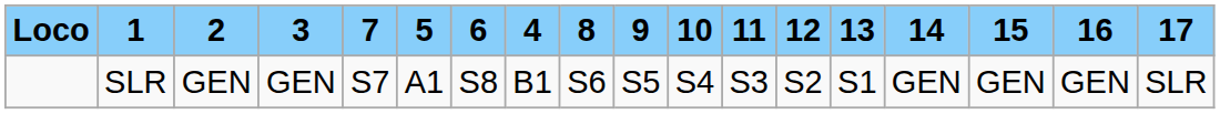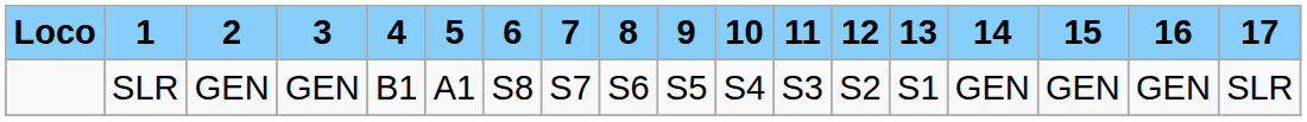 <table class="wikitable plainrowheaders unsortable" style="text-align:center">
 <tr>
 <th scope="col" rowspan="1" style="background:lightskyblue;">Loco</th>
 <th scope="col" rowspan="1" style="background:lightskyblue;">1</th>
 <th scope="col" rowspan="1" style="background:lightskyblue;">2</th>
 <th scope="col" rowspan="1" style="background:lightskyblue;">3</th>
-<th scope="col" rowspan="1" style="background:lightskyblue;">7</th>
+<th scope="col" rowspan="1" style="background:lightskyblue;">4</th>
 <th scope="col" rowspan="1" style="background:lightskyblue;">5</th>
 <th scope="col" rowspan="1" style="background:lightskyblue;">6</th>
-<th scope="col" rowspan="1" style="background:lightskyblue;">4</th>
+<th scope="col" rowspan="1" style="background:lightskyblue;">7</th>
 <th scope="col" rowspan="1" style="background:lightskyblue;">8</th>
 <th scope="col" rowspan="1" style="background:lightskyblue;">9</th>
 <th scope="col" rowspan="1" style="background:lightskyblue;">10</th>
 <th scope="col" rowspan="1" style="background:lightskyblue;">11</th>
 <th scope="col" rowspan="1" style="background:lightskyblue;">12</th>
 <th scope="col" rowspan="1" style="background:lightskyblue;">13</th>
 <th scope="col" rowspan="1" style="background:lightskyblue;">14</th>
 <th scope="col" rowspan="1" style="background:lightskyblue;">15</th>
 <th scope="col" rowspan="1" style="background:lightskyblue;">16</th>
 <th scope="col" rowspan="1" style="background:lightskyblue;">17</th>
 </tr>
 <tr>
 <td></td>
 <td>SLR</td>
 <td>GEN</td>
 <td>GEN</td>
-<td>S7</td>
+<td>B1</td>
 <td>A1</td>
 <td>S8</td>
-<td>B1</td>
+<td>S7</td>
 <td>S6</td>
 <td>S5</td>
 <td>S4</td>
 <td>S3</td>
 <td>S2</td>
 <td>S1</td>
 <td>GEN</td>
 <td>GEN</td>
 <td>GEN</td>
 <td>SLR</td>
 </tr>
 </table>
